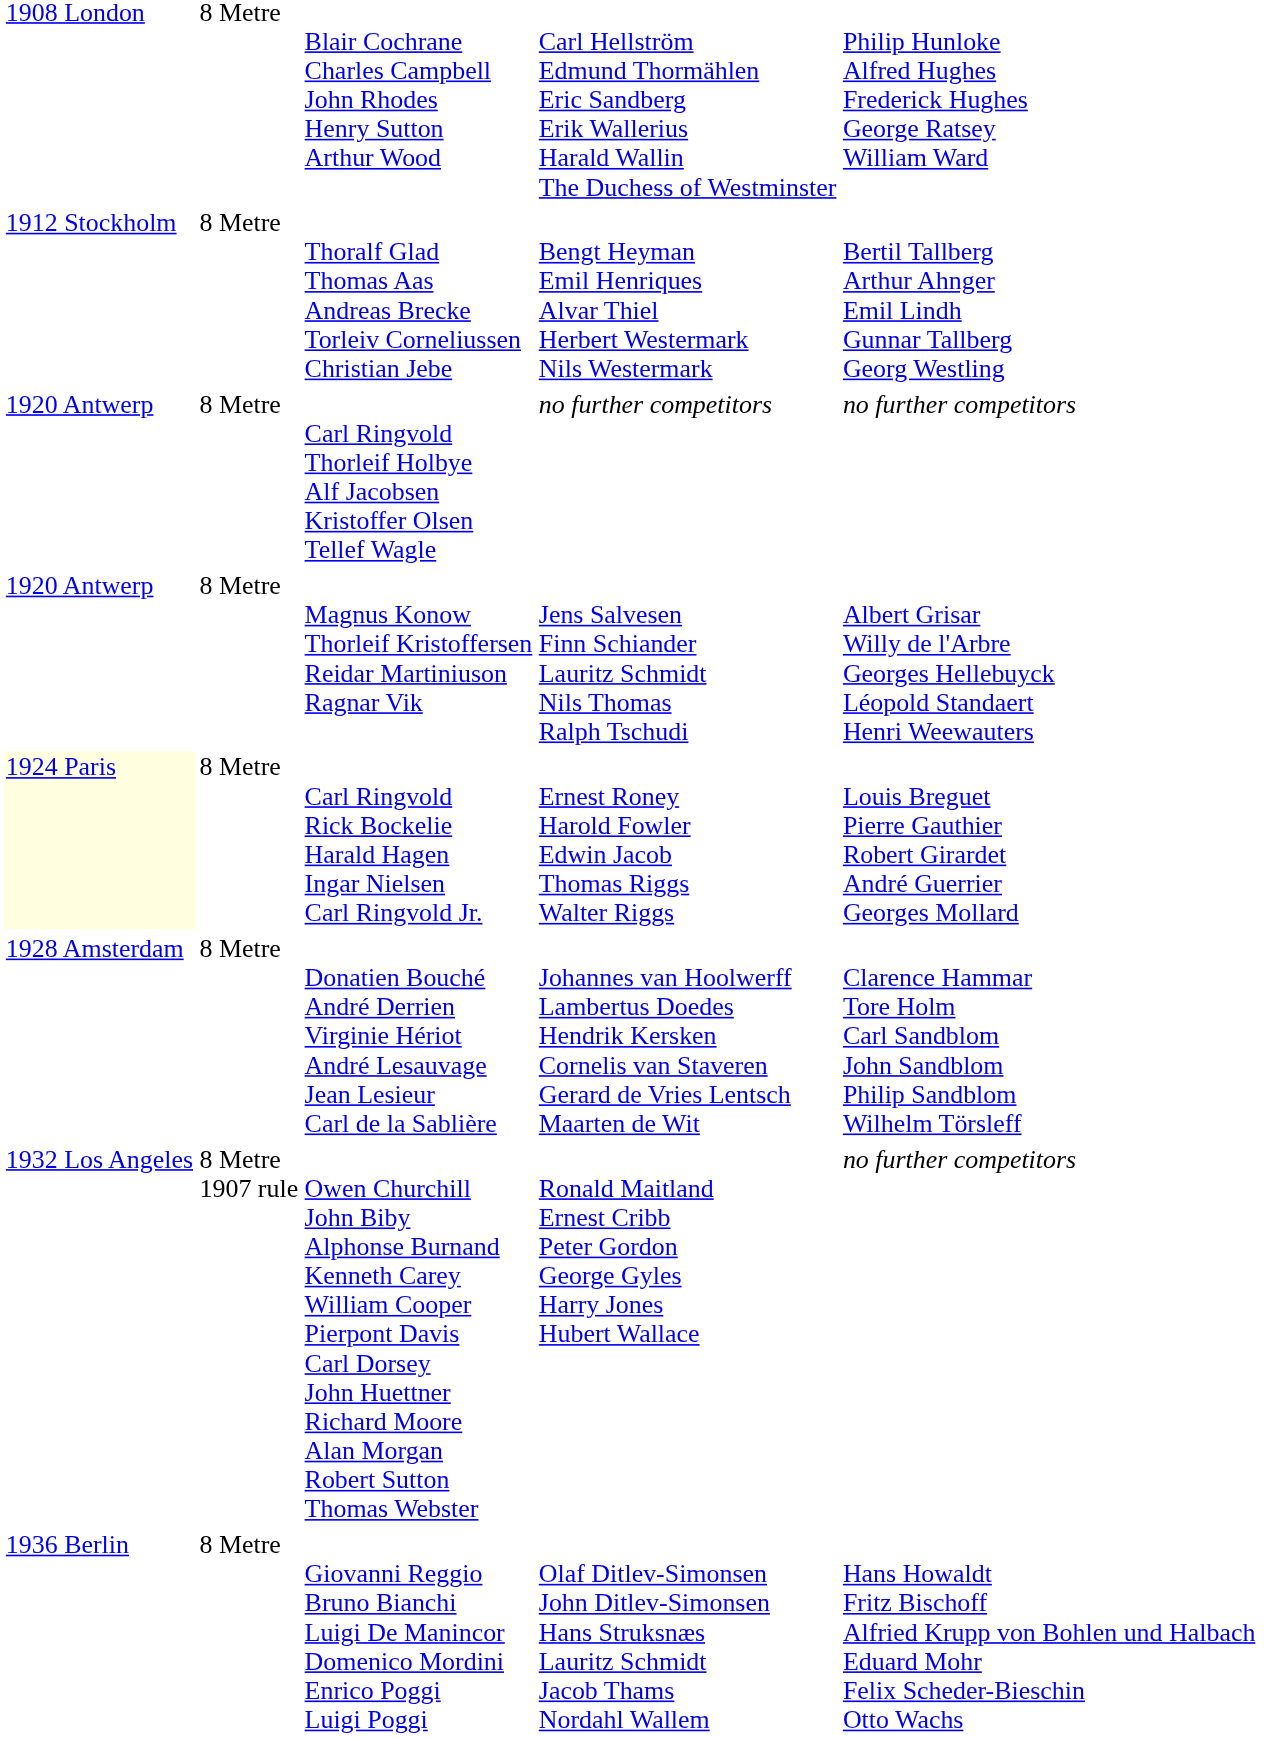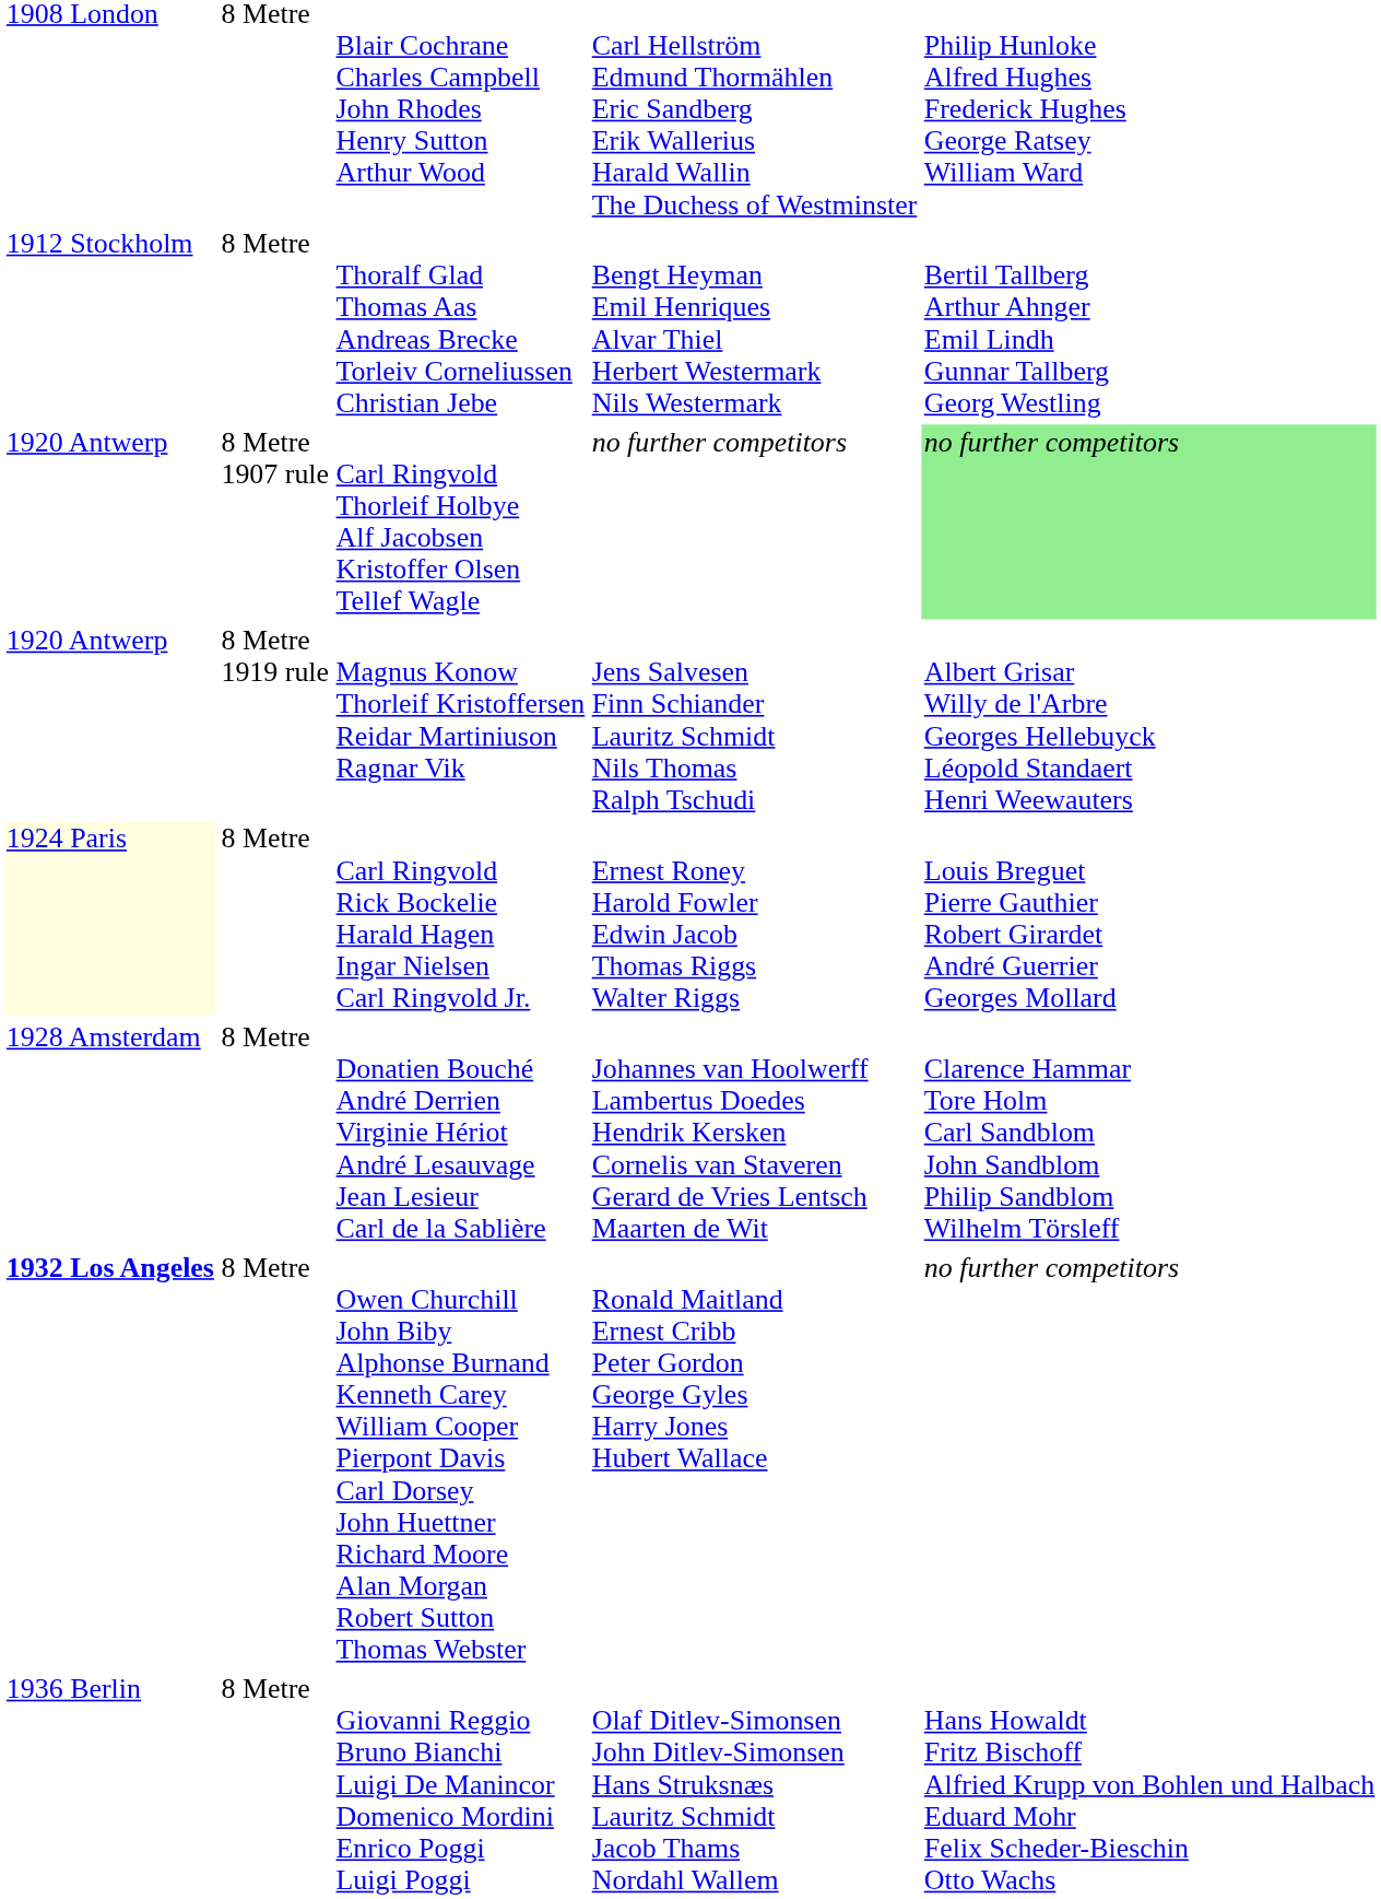 <table>
 <tr valign="top">
 <td><a href='#'>1908 London</a><br></td>
 <td>8 Metre</td>
 <td valign=top><br><a href='#'>Blair Cochrane</a><br><a href='#'>Charles Campbell</a><br><a href='#'>John Rhodes</a><br><a href='#'>Henry Sutton</a><br><a href='#'>Arthur Wood</a></td>
 <td valign=top><br><a href='#'>Carl Hellström</a><br><a href='#'>Edmund Thormählen</a><br><a href='#'>Eric Sandberg</a><br><a href='#'>Erik Wallerius</a><br><a href='#'>Harald Wallin</a><br><a href='#'>The Duchess of Westminster</a></td>
 <td valign=top><br><a href='#'>Philip Hunloke</a><br><a href='#'>Alfred Hughes</a><br><a href='#'>Frederick Hughes</a><br><a href='#'>George Ratsey</a><br><a href='#'>William Ward</a></td>
 </tr>
 <tr valign="top">
 <td><a href='#'>1912 Stockholm</a><br></td>
 <td>8 Metre</td>
 <td valign=top><br><a href='#'>Thoralf Glad</a><br><a href='#'>Thomas Aas</a><br><a href='#'>Andreas Brecke</a><br><a href='#'>Torleiv Corneliussen</a><br><a href='#'>Christian Jebe</a></td>
 <td valign=top><br><a href='#'>Bengt Heyman</a><br><a href='#'>Emil Henriques</a><br><a href='#'>Alvar Thiel</a><br><a href='#'>Herbert Westermark</a><br><a href='#'>Nils Westermark</a></td>
 <td valign=top><br><a href='#'>Bertil Tallberg</a><br><a href='#'>Arthur Ahnger</a><br><a href='#'>Emil Lindh</a><br><a href='#'>Gunnar Tallberg</a><br><a href='#'>Georg Westling</a></td>
 </tr>
 <tr valign="top">
 <td><a href='#'>1920 Antwerp</a><br></td>
-<td>8 Metre</td>
+<td>8 Metre<br>1907 rule</td>
 <td valign=top><br><a href='#'>Carl Ringvold</a><br><a href='#'>Thorleif Holbye</a><br><a href='#'>Alf Jacobsen</a><br><a href='#'>Kristoffer Olsen</a><br><a href='#'>Tellef Wagle</a></td>
 <td><em>no further competitors</em></td>
-<td><em>no further competitors</em></td>
+<td style="background: lightgreen;"><em>no further competitors</em></td>
 </tr>
 <tr valign="top">
 <td><a href='#'>1920 Antwerp</a><br></td>
-<td>8 Metre</td>
+<td>8 Metre<br>1919 rule</td>
 <td valign=top><br><a href='#'>Magnus Konow</a><br><a href='#'>Thorleif Kristoffersen</a><br><a href='#'>Reidar Martiniuson</a><br><a href='#'>Ragnar Vik</a></td>
 <td valign=top><br><a href='#'>Jens Salvesen</a><br><a href='#'>Finn Schiander</a><br><a href='#'>Lauritz Schmidt</a><br><a href='#'>Nils Thomas</a><br><a href='#'>Ralph Tschudi</a></td>
 <td valign=top><br><a href='#'>Albert Grisar</a><br><a href='#'>Willy de l'Arbre</a><br><a href='#'>Georges Hellebuyck</a><br><a href='#'>Léopold Standaert</a><br><a href='#'>Henri Weewauters</a></td>
 </tr>
 <tr valign="top">
 <td style="background: lightyellow;"><a href='#'>1924 Paris</a><br></td>
 <td>8 Metre</td>
 <td valign=top><br><a href='#'>Carl Ringvold</a><br><a href='#'>Rick Bockelie</a><br><a href='#'>Harald Hagen</a><br><a href='#'>Ingar Nielsen</a><br><a href='#'>Carl Ringvold Jr.</a></td>
 <td valign=top><br><a href='#'>Ernest Roney</a><br><a href='#'>Harold Fowler</a><br><a href='#'>Edwin Jacob</a><br><a href='#'>Thomas Riggs</a><br><a href='#'>Walter Riggs</a></td>
 <td valign=top><br><a href='#'>Louis Breguet</a><br><a href='#'>Pierre Gauthier</a><br><a href='#'>Robert Girardet</a><br><a href='#'>André Guerrier</a><br><a href='#'>Georges Mollard</a></td>
 </tr>
 <tr valign="top">
 <td><a href='#'>1928 Amsterdam</a><br></td>
 <td>8 Metre</td>
 <td valign=top><br><a href='#'>Donatien Bouché</a><br><a href='#'>André Derrien</a><br><a href='#'>Virginie Hériot</a><br><a href='#'>André Lesauvage</a><br><a href='#'>Jean Lesieur</a><br><a href='#'>Carl de la Sablière</a></td>
 <td valign=top><br><a href='#'>Johannes van Hoolwerff</a><br><a href='#'>Lambertus Doedes</a><br><a href='#'>Hendrik Kersken</a><br><a href='#'>Cornelis van Staveren</a><br><a href='#'>Gerard de Vries Lentsch</a><br><a href='#'>Maarten de Wit</a></td>
 <td valign=top><br><a href='#'>Clarence Hammar</a><br><a href='#'>Tore Holm</a><br><a href='#'>Carl Sandblom</a><br><a href='#'>John Sandblom</a><br><a href='#'>Philip Sandblom</a><br><a href='#'>Wilhelm Törsleff</a></td>
 </tr>
 <tr valign="top">
-<td><a href='#'>1932 Los Angeles</a><br></td>
-<td>8 Metre<br>1907 rule</td>
+<td><strong><a href='#'>1932 Los Angeles</a><br></strong></td>
+<td>8 Metre</td>
 <td valign=top><br><a href='#'>Owen Churchill</a><br><a href='#'>John Biby</a><br><a href='#'>Alphonse Burnand</a><br><a href='#'>Kenneth Carey</a><br><a href='#'>William Cooper</a><br><a href='#'>Pierpont Davis</a><br><a href='#'>Carl Dorsey</a><br><a href='#'>John Huettner</a><br><a href='#'>Richard Moore</a><br><a href='#'>Alan Morgan</a><br><a href='#'>Robert Sutton</a><br><a href='#'>Thomas Webster</a></td>
 <td valign=top><br><a href='#'>Ronald Maitland</a><br><a href='#'>Ernest Cribb</a><br><a href='#'>Peter Gordon</a><br><a href='#'>George Gyles</a><br><a href='#'>Harry Jones</a><br><a href='#'>Hubert Wallace</a></td>
 <td><em>no further competitors</em></td>
 </tr>
 <tr valign="top">
 <td><a href='#'>1936 Berlin</a><br></td>
 <td>8 Metre</td>
 <td valign=top><br><a href='#'>Giovanni Reggio</a><br><a href='#'>Bruno Bianchi</a><br><a href='#'>Luigi De Manincor</a><br><a href='#'>Domenico Mordini</a><br><a href='#'>Enrico Poggi</a><br><a href='#'>Luigi Poggi</a></td>
 <td valign=top><br><a href='#'>Olaf Ditlev-Simonsen</a><br><a href='#'>John Ditlev-Simonsen</a><br><a href='#'>Hans Struksnæs</a><br><a href='#'>Lauritz Schmidt</a><br><a href='#'>Jacob Thams</a><br><a href='#'>Nordahl Wallem</a></td>
 <td valign=top><br><a href='#'>Hans Howaldt</a><br><a href='#'>Fritz Bischoff</a><br><a href='#'>Alfried Krupp von Bohlen und Halbach</a><br><a href='#'>Eduard Mohr</a><br><a href='#'>Felix Scheder-Bieschin</a><br><a href='#'>Otto Wachs</a></td>
 </tr>
 </table>
